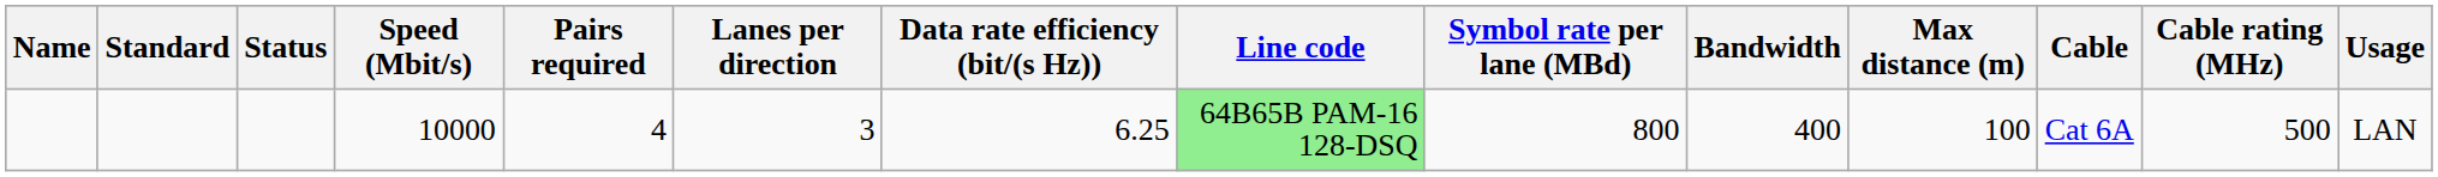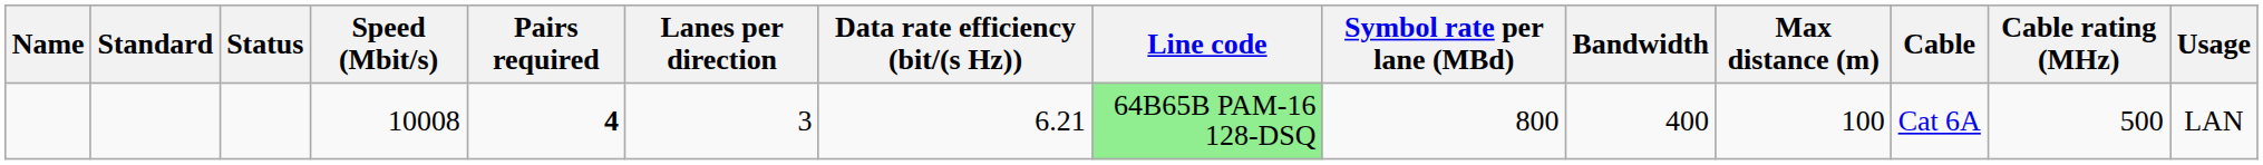 <table class="wikitable" style="line-height:110%;">
 <tr>
 <th>Name</th>
 <th>Standard</th>
 <th>Status</th>
 <th>Speed (Mbit/s)</th>
 <th>Pairs required</th>
 <th>Lanes per direction</th>
 <th>Data rate efficiency (bit/(s Hz))</th>
 <th><a href='#'>Line code</a></th>
 <th><a href='#'>Symbol rate</a> per lane (MBd)</th>
 <th>Bandwidth</th>
 <th>Max distance (m)</th>
 <th>Cable</th>
 <th>Cable rating (MHz)</th>
 <th>Usage</th>
 </tr>
 <tr>
 <td></td>
 <td></td>
 <td></td>
-<td align="right">10000</td>
-<td align="right">4</td>
+<td align="right">10008</td>
+<td align="right"><strong>4</strong></td>
 <td align="right">3</td>
-<td align="right">6.25</td>
+<td align="right">6.21</td>
 <td align="right" style="background: lightgreen;">64B65B PAM-16 128-DSQ</td>
 <td align="right">800</td>
 <td align="right">400</td>
 <td align="right">100</td>
 <td align="center"><a href='#'>Cat 6A</a></td>
 <td align="right">500</td>
 <td align="center">LAN</td>
 </tr>
 </table>
